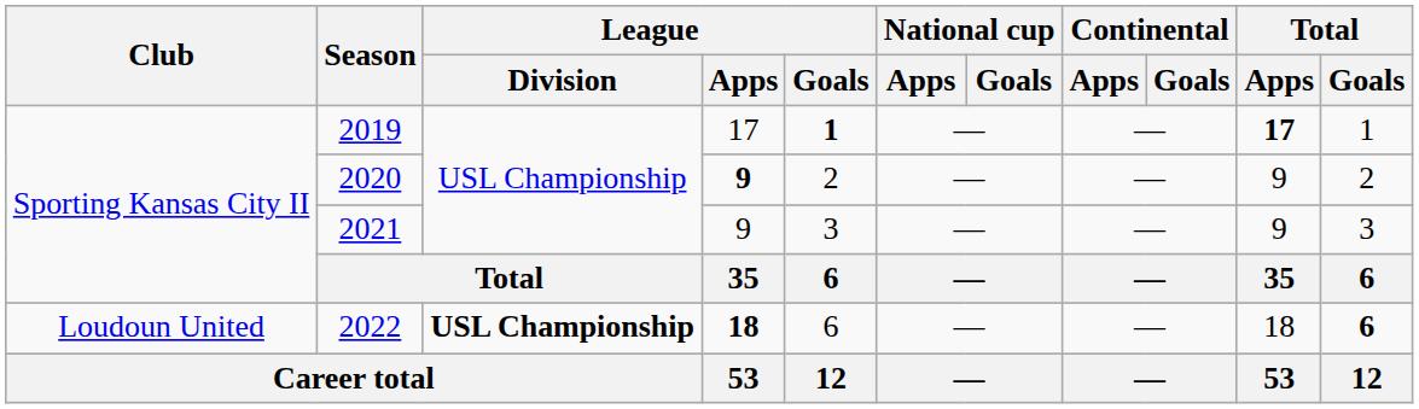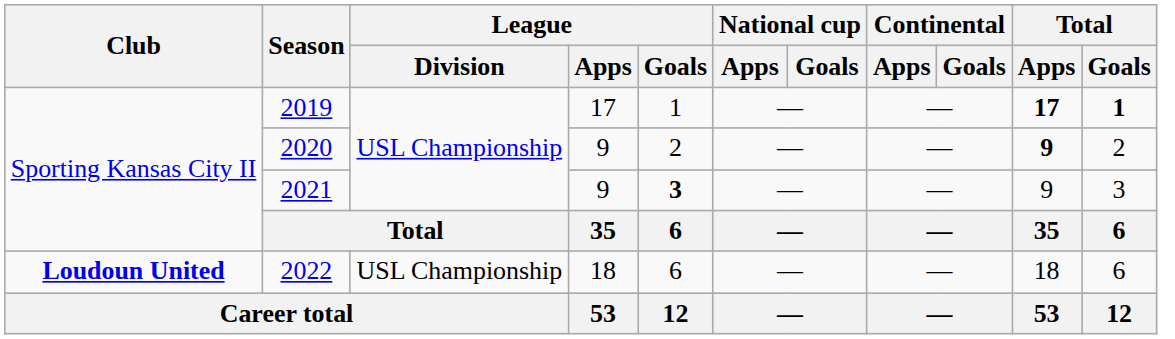 <table class=wikitable style=text-align:center>
 <tr>
 <th rowspan="2">Club</th>
 <th rowspan="2">Season</th>
 <th colspan="3">League</th>
 <th colspan="2">National cup</th>
 <th colspan="2">Continental</th>
 <th colspan="2">Total</th>
 </tr>
 <tr>
 <th>Division</th>
 <th>Apps</th>
 <th>Goals</th>
 <th>Apps</th>
 <th>Goals</th>
 <th>Apps</th>
 <th>Goals</th>
 <th>Apps</th>
 <th>Goals</th>
 </tr>
 <tr>
 <td rowspan="4"><a href='#'>Sporting Kansas City II</a></td>
 <td><a href='#'>2019</a></td>
 <td rowspan="3"><a href='#'>USL Championship</a></td>
 <td>17</td>
-<td><strong>1</strong></td>
+<td>1</td>
 <td colspan="2">—</td>
 <td colspan="2">—</td>
 <td><strong>17</strong></td>
-<td>1</td>
+<td><strong>1</strong></td>
 </tr>
 <tr>
 <td><a href='#'>2020</a></td>
-<td><strong>9</strong></td>
+<td>9</td>
 <td>2</td>
 <td colspan="2">—</td>
 <td colspan="2">—</td>
-<td>9</td>
+<td><strong>9</strong></td>
 <td>2</td>
 </tr>
 <tr>
 <td><a href='#'>2021</a></td>
 <td>9</td>
-<td>3</td>
+<td><strong>3</strong></td>
 <td colspan="2">—</td>
 <td colspan="2">—</td>
 <td>9</td>
 <td>3</td>
 </tr>
 <tr>
 <th colspan="2">Total</th>
 <th>35</th>
 <th>6</th>
 <th colspan="2">—</th>
 <th colspan="2">—</th>
 <th>35</th>
 <th>6</th>
 </tr>
 <tr>
-<td rowspan="1"><a href='#'>Loudoun United</a></td>
+<td rowspan="1"><strong><a href='#'>Loudoun United</a></strong></td>
 <td><a href='#'>2022</a></td>
-<td><strong>USL Championship</strong></td>
-<td><strong>18</strong></td>
+<td>USL Championship</td>
+<td>18</td>
 <td>6</td>
 <td colspan="2">—</td>
 <td colspan="2">—</td>
 <td>18</td>
-<td><strong>6</strong></td>
+<td>6</td>
 </tr>
 <tr>
 <th colspan="3">Career total</th>
 <th>53</th>
 <th>12</th>
 <th colspan="2">—</th>
 <th colspan="2">—</th>
 <th>53</th>
 <th>12</th>
 </tr>
 </table>
